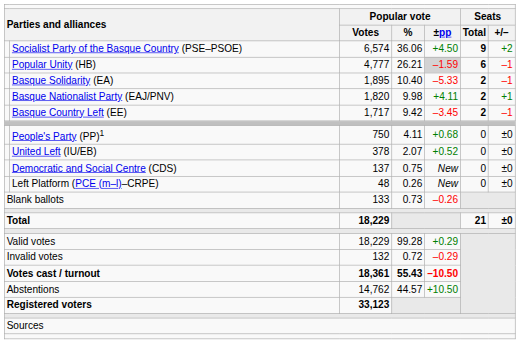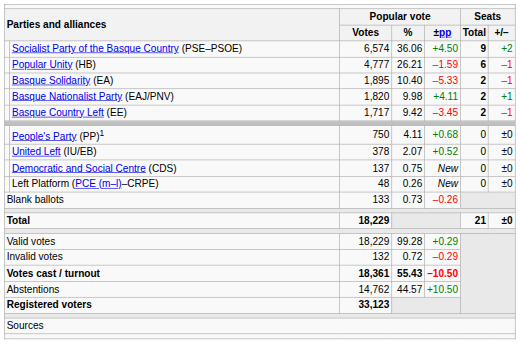 <table class="wikitable" style="text-align:right;">
 <tr>
 <td colspan="7"></td>
 </tr>
 <tr>
 <th style="text-align:left;" rowspan="2" colspan="2" width="525">Parties and alliances</th>
 <th colspan="3">Popular vote</th>
 <th colspan="2">Seats</th>
 </tr>
 <tr>
 <th width="75">Votes</th>
 <th width="45">%</th>
 <th width="45">±<a href='#'>pp</a></th>
 <th width="35">Total</th>
 <th width="35">+/−</th>
 </tr>
 <tr>
 <td width="1" style="color:inherit;background:"></td>
 <td align="left"><a href='#'>Socialist Party of the Basque Country</a> (PSE–PSOE)</td>
 <td>6,574</td>
 <td>36.06</td>
 <td style="color:green;">+4.50</td>
 <td><strong>9</strong></td>
 <td style="color:green;">+2</td>
 </tr>
 <tr>
 <td style="color:inherit;background:"></td>
 <td align="left"><a href='#'>Popular Unity</a> (HB)</td>
 <td>4,777</td>
 <td>26.21</td>
-<td style="background: lightgrey; color:red;">–1.59</td>
+<td style="color:red;">–1.59</td>
 <td><strong>6</strong></td>
 <td style="color:red;">–1</td>
 </tr>
 <tr>
 <td style="color:inherit;background:"></td>
 <td align="left"><a href='#'>Basque Solidarity</a> (EA)</td>
 <td>1,895</td>
 <td>10.40</td>
 <td style="color:red;">–5.33</td>
 <td><strong>2</strong></td>
 <td style="color:red;">–1</td>
 </tr>
 <tr>
 <td style="color:inherit;background:"></td>
 <td align="left"><a href='#'>Basque Nationalist Party</a> (EAJ/PNV)</td>
 <td>1,820</td>
 <td>9.98</td>
 <td style="color:green;">+4.11</td>
 <td><strong>2</strong></td>
 <td style="color:green;">+1</td>
 </tr>
 <tr>
 <td style="color:inherit;background:"></td>
 <td align="left"><a href='#'>Basque Country Left</a> (EE)</td>
 <td>1,717</td>
 <td>9.42</td>
 <td style="color:red;">–3.45</td>
 <td><strong>2</strong></td>
 <td style="color:red;">–1</td>
 </tr>
 <tr>
 <td colspan="7" bgcolor="#C0C0C0"></td>
 </tr>
 <tr>
 <td style="color:inherit;background:"></td>
 <td align="left"><a href='#'>People's Party</a> (PP)<sup>1</sup></td>
 <td>750</td>
 <td>4.11</td>
 <td style="color:green;">+0.68</td>
 <td>0</td>
 <td>±0</td>
 </tr>
 <tr>
 <td style="color:inherit;background:"></td>
 <td align="left"><a href='#'>United Left</a> (IU/EB)</td>
 <td>378</td>
 <td>2.07</td>
 <td style="color:green;">+0.52</td>
 <td>0</td>
 <td>±0</td>
 </tr>
 <tr>
 <td style="color:inherit;background:"></td>
 <td align="left"><a href='#'>Democratic and Social Centre</a> (CDS)</td>
 <td>137</td>
 <td>0.75</td>
 <td><em>New</em></td>
 <td>0</td>
 <td>±0</td>
 </tr>
 <tr>
 <td style="color:inherit;background:"></td>
 <td align="left">Left Platform (<a href='#'>PCE (m–l)</a>–CRPE)</td>
 <td>48</td>
 <td>0.26</td>
 <td><em>New</em></td>
 <td>0</td>
 <td>±0</td>
 </tr>
 <tr>
 <td align="left" colspan="2">Blank ballots</td>
 <td>133</td>
 <td>0.73</td>
 <td style="color:red;">–0.26</td>
 <td bgcolor="#E9E9E9" colspan="2"></td>
 </tr>
 <tr>
 <td colspan="7" bgcolor="#E9E9E9"></td>
 </tr>
 <tr style="font-weight:bold;">
 <td align="left" colspan="2">Total</td>
 <td>18,229</td>
 <td bgcolor="#E9E9E9" colspan="2"></td>
 <td>21</td>
 <td>±0</td>
 </tr>
 <tr>
 <td colspan="7" bgcolor="#E9E9E9"></td>
 </tr>
 <tr>
 <td align="left" colspan="2">Valid votes</td>
 <td>18,229</td>
 <td>99.28</td>
 <td style="color:green;">+0.29</td>
 <td bgcolor="#E9E9E9" colspan="2" rowspan="5"></td>
 </tr>
 <tr>
 <td align="left" colspan="2">Invalid votes</td>
 <td>132</td>
 <td>0.72</td>
 <td style="color:red;">–0.29</td>
 </tr>
 <tr style="font-weight:bold;">
 <td align="left" colspan="2">Votes cast / turnout</td>
 <td>18,361</td>
 <td>55.43</td>
 <td style="color:red;">–10.50</td>
 </tr>
 <tr>
 <td align="left" colspan="2">Abstentions</td>
 <td>14,762</td>
 <td>44.57</td>
 <td style="color:green;">+10.50</td>
 </tr>
 <tr style="font-weight:bold;">
 <td align="left" colspan="2">Registered voters</td>
 <td>33,123</td>
 <td bgcolor="#E9E9E9" colspan="2"></td>
 </tr>
 <tr>
 <td colspan="7" bgcolor="#E9E9E9"></td>
 </tr>
 <tr>
 <td align="left" colspan="7">Sources</td>
 </tr>
 <tr>
 <td colspan="7" style="text-align:left; max-width:790px;"></td>
 </tr>
 </table>
